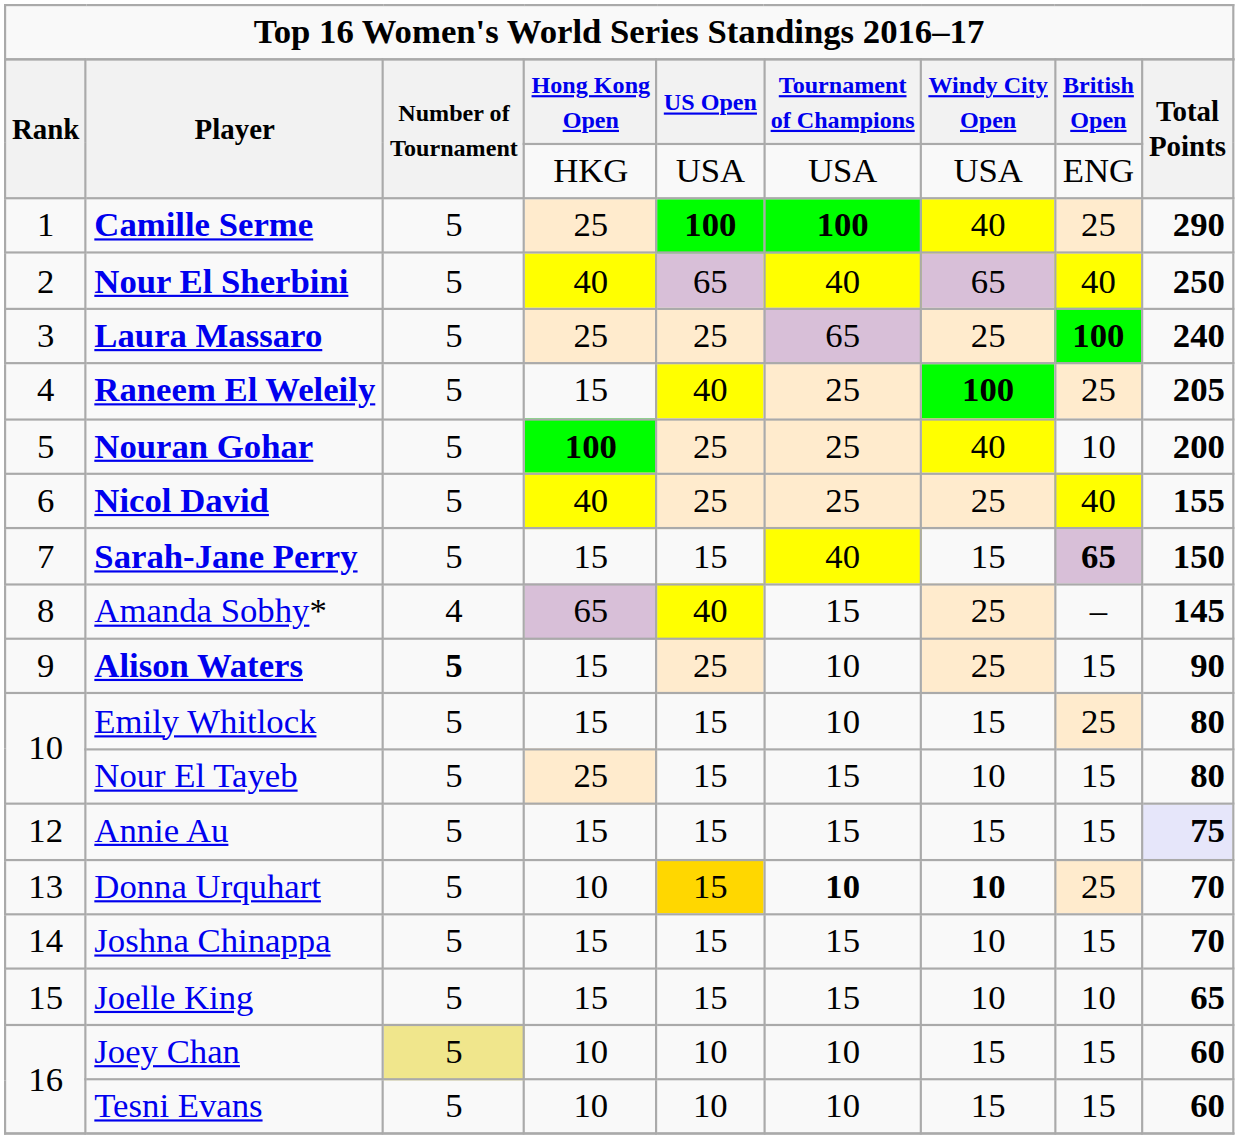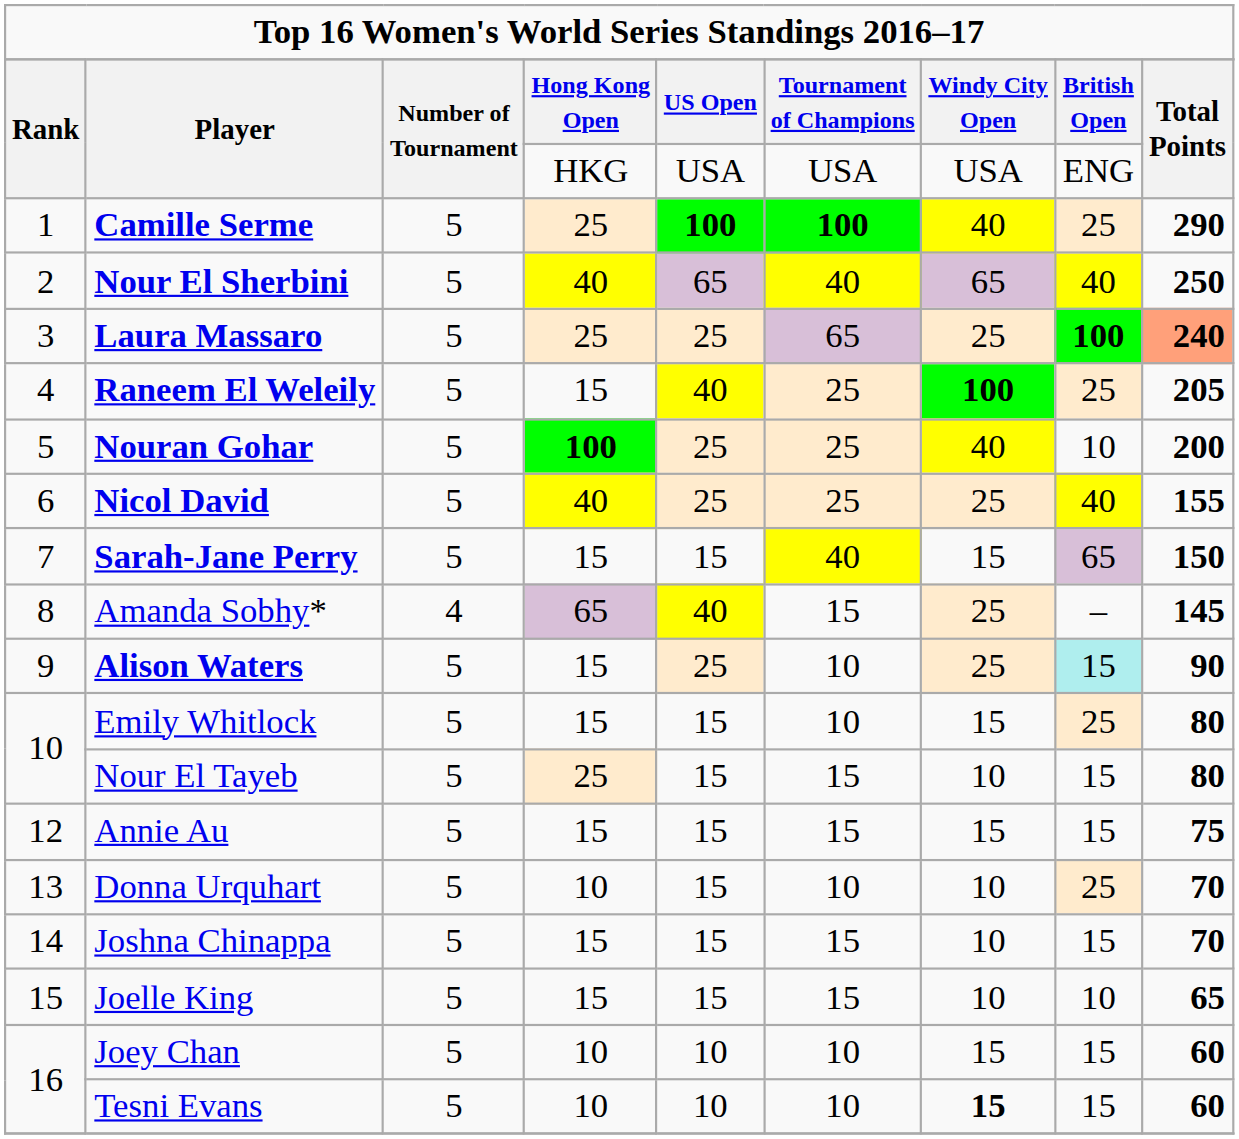 <table class="wikitable">
 <tr>
 <td colspan=13 align="center"><strong>Top 16 Women's World Series Standings 2016–17</strong></td>
 </tr>
 <tr>
 </tr>
 <tr style="font-size:10pt;font-weight:bold">
 <th rowspan=2 align="center">Rank</th>
 <th rowspan=2 align="center">Player</th>
 <th rowspan=2 align="center"><small>Number of<br>Tournament</small></th>
 <th><small><a href='#'>Hong Kong<br>Open</a></small></th>
 <th><small><a href='#'>US Open</a></small></th>
 <th><small><a href='#'>Tournament<br>of Champions</a></small></th>
 <th><small><a href='#'>Windy City<br>Open</a></small></th>
 <th><small><a href='#'>British<br>Open</a></small></th>
 <th rowspan=2 align="center">Total<br>Points</th>
 </tr>
 <tr>
 <td align="center">HKG </td>
 <td align="center">USA </td>
 <td align="center">USA </td>
 <td align="center">USA </td>
 <td align="center">ENG </td>
 </tr>
 <tr>
 <td align=center>1</td>
 <td> <strong><a href='#'>Camille Serme</a></strong></td>
 <td align=center>5</td>
 <td align=center style="background:#ffebcd;">25</td>
 <td align=center style="background:#00ff00"><strong>100</strong></td>
 <td align=center style="background:#00ff00"><strong>100</strong></td>
 <td align=center style="background:yellow;">40</td>
 <td align=center style="background:#ffebcd;">25</td>
 <td align=right><strong>290</strong></td>
 </tr>
 <tr>
 <td align=center>2</td>
 <td> <strong><a href='#'>Nour El Sherbini</a></strong></td>
 <td align=center>5</td>
 <td align=center style="background:yellow;">40</td>
 <td align=center style="background:#D8BFD8;">65</td>
 <td align=center style="background:yellow;">40</td>
 <td align=center style="background:#D8BFD8;">65</td>
 <td align=center style="background:yellow;">40</td>
 <td align=right><strong>250</strong></td>
 </tr>
 <tr>
 <td align=center>3</td>
 <td> <strong><a href='#'>Laura Massaro</a></strong></td>
 <td align=center>5</td>
 <td align=center style="background:#ffebcd;">25</td>
 <td align=center style="background:#ffebcd;">25</td>
 <td align=center style="background:#D8BFD8;">65</td>
 <td align=center style="background:#ffebcd;">25</td>
 <td align=center style="background:#00ff00"><strong>100</strong></td>
-<td align=right><strong>240</strong></td>
+<td align=right style="background: lightsalmon;"><strong>240</strong></td>
 </tr>
 <tr>
 <td align=center>4</td>
 <td> <strong><a href='#'>Raneem El Weleily</a></strong></td>
 <td align=center>5</td>
 <td align=center>15</td>
 <td align=center style="background:yellow;">40</td>
 <td align=center style="background:#ffebcd;">25</td>
 <td align=center style="background:#00ff00"><strong>100</strong></td>
 <td align=center style="background:#ffebcd;">25</td>
 <td align=right><strong>205</strong></td>
 </tr>
 <tr>
 <td align=center>5</td>
 <td> <strong><a href='#'>Nouran Gohar</a></strong></td>
 <td align=center>5</td>
 <td align=center style="background:#00ff00"><strong>100</strong></td>
 <td align=center style="background:#ffebcd;">25</td>
 <td align=center style="background:#ffebcd;">25</td>
 <td align=center style="background:yellow;">40</td>
 <td align=center>10</td>
 <td align=right><strong>200</strong></td>
 </tr>
 <tr>
 <td align=center>6</td>
 <td> <strong><a href='#'>Nicol David</a></strong></td>
 <td align=center>5</td>
 <td align=center style="background:yellow;">40</td>
 <td align=center style="background:#ffebcd;">25</td>
 <td align=center style="background:#ffebcd;">25</td>
 <td align=center style="background:#ffebcd;">25</td>
 <td align=center style="background:yellow;">40</td>
 <td align=right><strong>155</strong></td>
 </tr>
 <tr>
 <td align=center>7</td>
 <td> <strong><a href='#'>Sarah-Jane Perry</a></strong></td>
 <td align=center>5</td>
 <td align=center>15</td>
 <td align=center>15</td>
 <td align=center style="background:yellow;">40</td>
 <td align=center>15</td>
-<td align=center style="background:#D8BFD8;"><strong>65</strong></td>
+<td align=center style="background:#D8BFD8;">65</td>
 <td align=right><strong>150</strong></td>
 </tr>
 <tr>
 <td align=center>8</td>
 <td> <a href='#'>Amanda Sobhy</a>*</td>
 <td align=center>4</td>
 <td align=center style="background:#D8BFD8;">65</td>
 <td align=center style="background:yellow;">40</td>
 <td align=center>15</td>
 <td align=center style="background:#ffebcd;">25</td>
 <td align=center>–</td>
 <td align=right><strong>145</strong></td>
 </tr>
 <tr>
 <td align=center>9</td>
 <td> <strong><a href='#'>Alison Waters</a></strong></td>
-<td align=center><strong>5</strong></td>
+<td align=center>5</td>
 <td align=center>15</td>
 <td align=center style="background:#ffebcd;">25</td>
 <td align=center>10</td>
 <td align=center style="background:#ffebcd;">25</td>
-<td align=center>15</td>
+<td align=center style="background: paleturquoise;">15</td>
 <td align=right><strong>90</strong></td>
 </tr>
 <tr>
 <td align=center rowspan=2>10</td>
 <td> <a href='#'>Emily Whitlock</a></td>
 <td align=center>5</td>
 <td align=center>15</td>
 <td align=center>15</td>
 <td align=center>10</td>
 <td align=center>15</td>
 <td align=center style="background:#ffebcd;">25</td>
 <td align=right><strong>80</strong></td>
 </tr>
 <tr>
 <td> <a href='#'>Nour El Tayeb</a></td>
 <td align=center>5</td>
 <td align=center style="background:#ffebcd;">25</td>
 <td align=center>15</td>
 <td align=center>15</td>
 <td align=center>10</td>
 <td align=center>15</td>
 <td align=right><strong>80</strong></td>
 </tr>
 <tr>
 <td align=center>12</td>
 <td> <a href='#'>Annie Au</a></td>
 <td align=center>5</td>
 <td align=center>15</td>
 <td align=center>15</td>
 <td align=center>15</td>
 <td align=center>15</td>
 <td align=center>15</td>
-<td align=right style="background: lavender;"><strong>75</strong></td>
+<td align=right><strong>75</strong></td>
 </tr>
 <tr>
 <td align=center>13</td>
 <td> <a href='#'>Donna Urquhart</a></td>
 <td align=center>5</td>
 <td align=center>10</td>
-<td align=center style="background: gold;">15</td>
-<td align=center><strong>10</strong></td>
-<td align=center><strong>10</strong></td>
+<td align=center>15</td>
+<td align=center>10</td>
+<td align=center>10</td>
 <td align=center style="background:#ffebcd;">25</td>
 <td align=right><strong>70</strong></td>
 </tr>
 <tr>
 <td align=center>14</td>
 <td> <a href='#'>Joshna Chinappa</a></td>
 <td align=center>5</td>
 <td align=center>15</td>
 <td align=center>15</td>
 <td align=center>15</td>
 <td align=center>10</td>
 <td align=center>15</td>
 <td align=right><strong>70</strong></td>
 </tr>
 <tr>
 <td align=center>15</td>
 <td> <a href='#'>Joelle King</a></td>
 <td align=center>5</td>
 <td align=center>15</td>
 <td align=center>15</td>
 <td align=center>15</td>
 <td align=center>10</td>
 <td align=center>10</td>
 <td align=right><strong>65</strong></td>
 </tr>
 <tr>
 <td align=center rowspan=2>16</td>
 <td> <a href='#'>Joey Chan</a></td>
-<td align=center style="background: khaki;">5</td>
+<td align=center>5</td>
 <td align=center>10</td>
 <td align=center>10</td>
 <td align=center>10</td>
 <td align=center>15</td>
 <td align=center>15</td>
 <td align=right><strong>60</strong></td>
 </tr>
 <tr>
 <td> <a href='#'>Tesni Evans</a></td>
 <td align=center>5</td>
 <td align=center>10</td>
 <td align=center>10</td>
 <td align=center>10</td>
-<td align=center>15</td>
+<td align=center><strong>15</strong></td>
 <td align=center>15</td>
 <td align=right><strong>60</strong></td>
 </tr>
 <tr>
 </tr>
 </table>
